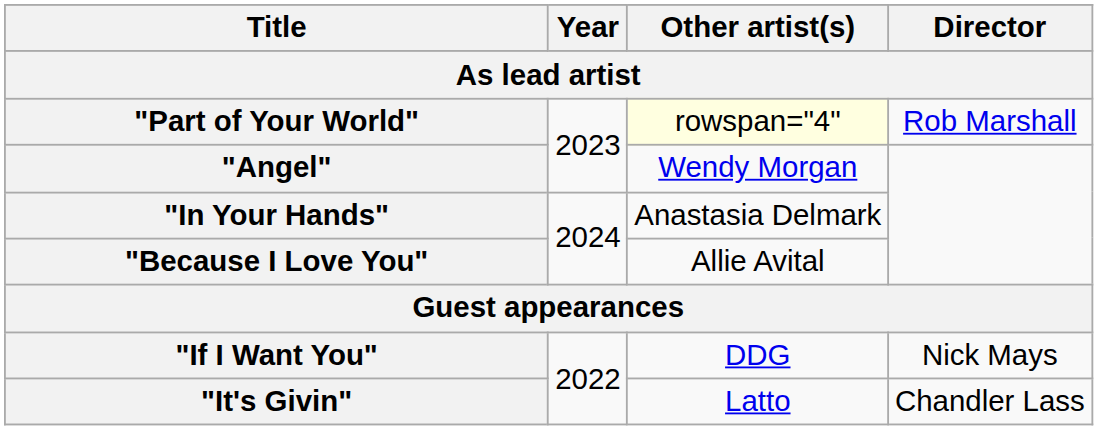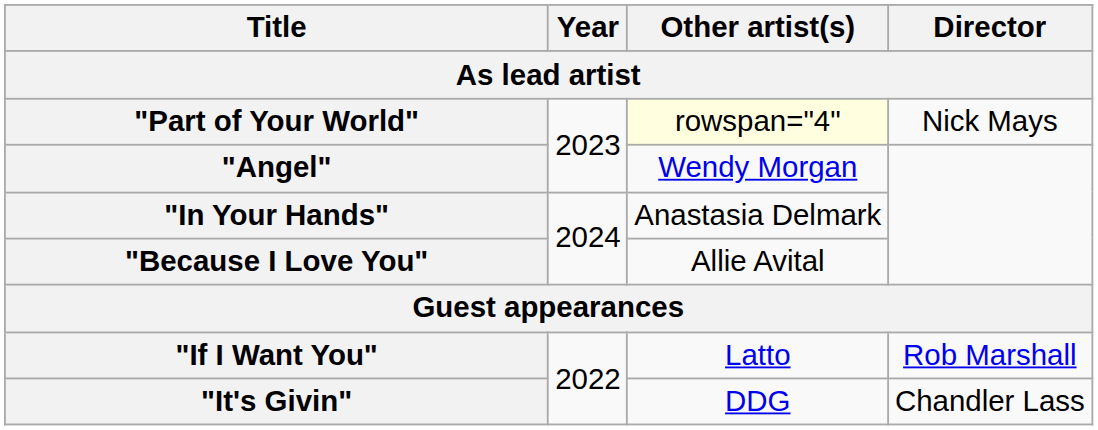 <table class="wikitable plainrowheaders" style="text-align:center;">
 <tr>
 <th scope="col" style="width:18em;">Title</th>
 <th scope="col" style="width:1em;">Year</th>
 <th>Other artist(s)</th>
 <th>Director</th>
 </tr>
 <tr>
 <th scope="col" colspan="4">As lead artist</th>
 </tr>
 <tr>
 <th scope="row">"Part of Your World"</th>
 <td rowspan="2">2023</td>
 <td style="background: lightyellow;">rowspan="4" </td>
-<td><a href='#'>Rob Marshall</a></td>
+<td>Nick Mays</td>
 </tr>
 <tr>
 <th scope="row">"Angel"</th>
 <td><a href='#'>Wendy Morgan</a></td>
 </tr>
 <tr>
 <th scope="row">"In Your Hands"</th>
 <td rowspan="2">2024</td>
 <td>Anastasia Delmark</td>
 </tr>
 <tr>
 <th scope="row">"Because I Love You"</th>
 <td>Allie Avital</td>
 </tr>
 <tr>
 <th scope="col" colspan="4">Guest appearances</th>
 </tr>
 <tr>
 <th scope="row">"If I Want You"</th>
 <td rowspan="2">2022</td>
-<td><a href='#'>DDG</a></td>
-<td>Nick Mays</td>
+<td><a href='#'>Latto</a></td>
+<td><a href='#'>Rob Marshall</a></td>
 </tr>
 <tr>
 <th scope="row">"It's Givin"</th>
-<td><a href='#'>Latto</a></td>
+<td><a href='#'>DDG</a></td>
 <td>Chandler Lass</td>
 </tr>
 </table>
